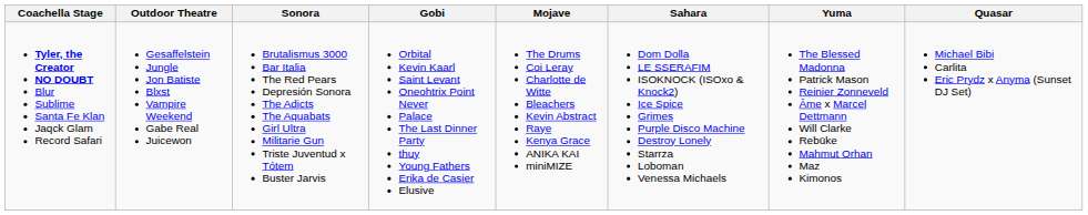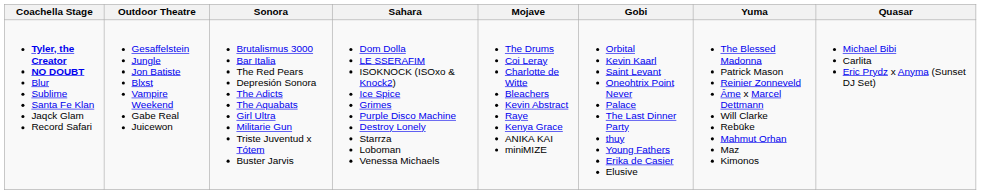 <table class="wikitable">
 <tr>
 <th>Coachella Stage</th>
 <th>Outdoor Theatre</th>
 <th>Sonora</th>
+<th>Sahara</th>
+<th>Mojave</th>
 <th>Gobi</th>
-<th>Mojave</th>
-<th>Sahara</th>
 <th>Yuma</th>
 <th>Quasar</th>
 </tr>
 <tr valign="top">
 <td><br><ul><li><strong><a href='#'>Tyler, the Creator</a></strong></li><li><strong><a href='#'>NO DOUBT</a></strong></li><li><a href='#'>Blur</a></li><li><a href='#'>Sublime</a></li><li><a href='#'>Santa Fe Klan</a></li><li>Jaqck Glam </li><li>Record Safari </li></ul></td>
 <td><br><ul><li><a href='#'>Gesaffelstein</a></li><li><a href='#'>Jungle</a></li><li><a href='#'>Jon Batiste</a></li><li><a href='#'>Blxst</a></li><li><a href='#'>Vampire Weekend</a> </li><li>Gabe Real </li><li>Juicewon </li></ul></td>
 <td><br><ul><li><a href='#'>Brutalismus 3000</a></li><li><a href='#'>Bar Italia</a></li><li>The Red Pears</li><li>Depresión Sonora</li><li><a href='#'>The Adicts</a></li><li><a href='#'>The Aquabats</a></li><li><a href='#'>Girl Ultra</a></li><li><a href='#'>Militarie Gun</a></li><li>Triste Juventud x <a href='#'>Tótem</a> </li><li>Buster Jarvis </li></ul></td>
+<td><br><ul><li><a href='#'>Dom Dolla</a></li><li><a href='#'>LE SSERAFIM</a></li><li>ISOKNOCK (ISOxo & <a href='#'>Knock2</a>)</li><li><a href='#'>Ice Spice</a></li><li><a href='#'>Grimes</a></li><li><a href='#'>Purple Disco Machine</a></li><li><a href='#'>Destroy Lonely</a></li><li>Starrza</li><li>Loboman </li><li>Venessa Michaels </li></ul></td>
+<td><br><ul><li><a href='#'>The Drums</a></li><li><a href='#'>Coi Leray</a></li><li><a href='#'>Charlotte de Witte</a></li><li><a href='#'>Bleachers</a></li><li><a href='#'>Kevin Abstract</a></li><li><a href='#'>Raye</a></li><li><a href='#'>Kenya Grace</a></li><li>ANIKA KAI </li><li>miniMIZE </li></ul></td>
 <td><br><ul><li><a href='#'>Orbital</a></li><li><a href='#'>Kevin Kaarl</a></li><li><a href='#'>Saint Levant</a></li><li><a href='#'>Oneohtrix Point Never</a></li><li><a href='#'>Palace</a></li><li><a href='#'>The Last Dinner Party</a></li><li><a href='#'>thuy</a></li><li><a href='#'>Young Fathers</a></li><li><a href='#'>Erika de Casier</a></li><li>Elusive </li></ul></td>
-<td><br><ul><li><a href='#'>The Drums</a></li><li><a href='#'>Coi Leray</a></li><li><a href='#'>Charlotte de Witte</a></li><li><a href='#'>Bleachers</a></li><li><a href='#'>Kevin Abstract</a></li><li><a href='#'>Raye</a></li><li><a href='#'>Kenya Grace</a></li><li>ANIKA KAI </li><li>miniMIZE </li></ul></td>
-<td><br><ul><li><a href='#'>Dom Dolla</a></li><li><a href='#'>LE SSERAFIM</a></li><li>ISOKNOCK (ISOxo & <a href='#'>Knock2</a>)</li><li><a href='#'>Ice Spice</a></li><li><a href='#'>Grimes</a></li><li><a href='#'>Purple Disco Machine</a></li><li><a href='#'>Destroy Lonely</a></li><li>Starrza</li><li>Loboman </li><li>Venessa Michaels </li></ul></td>
 <td><br><ul><li><a href='#'>The Blessed Madonna</a></li><li>Patrick Mason</li><li><a href='#'>Reinier Zonneveld</a></li><li><a href='#'>Âme</a> x <a href='#'>Marcel Dettmann</a></li><li>Will Clarke</li><li>Rebūke </li><li><a href='#'>Mahmut Orhan</a></li><li>Maz</li><li>Kimonos</li></ul></td>
 <td><br><ul><li><a href='#'>Michael Bibi</a> </li><li>Carlita </li><li><a href='#'>Eric Prydz</a> x <a href='#'>Anyma</a> (Sunset DJ Set) </li></ul></td>
 </tr>
 </table>
